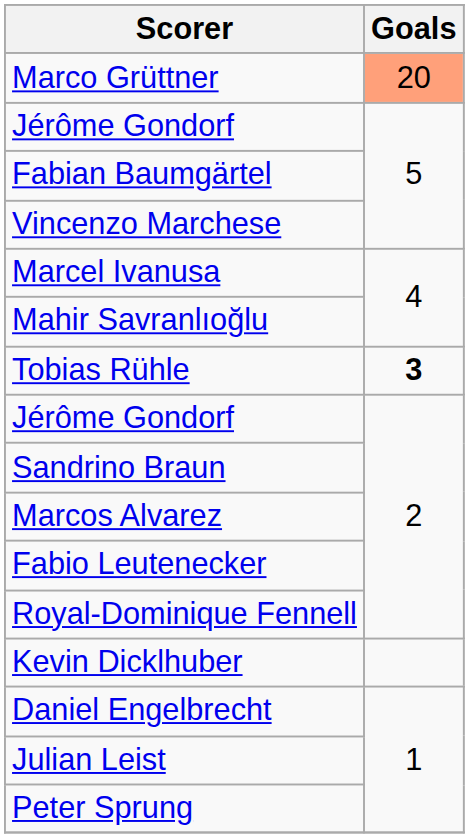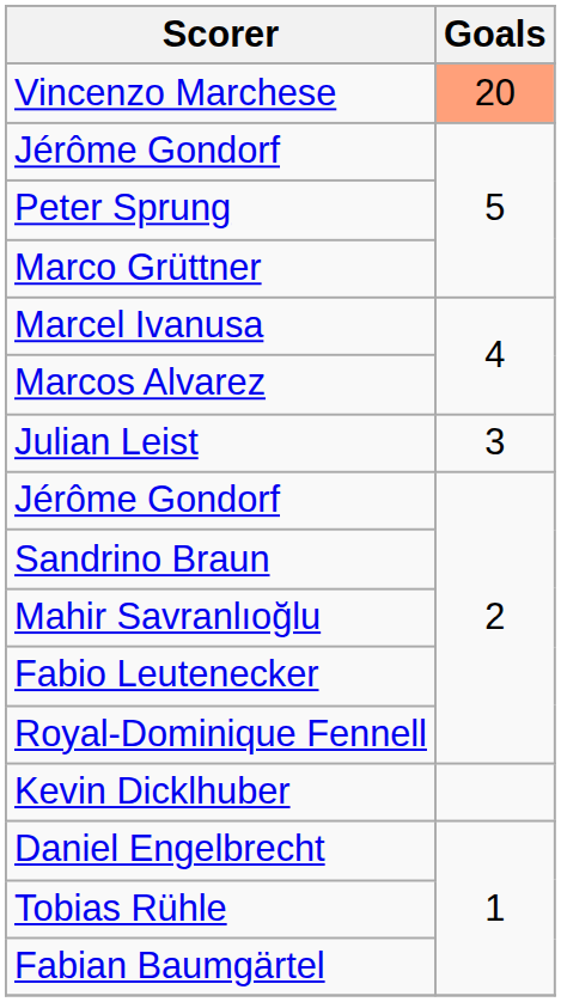 <table class="wikitable">
 <tr>
 <th>Scorer</th>
 <th>Goals</th>
 </tr>
 <tr>
-<td> <a href='#'>Marco Grüttner</a></td>
+<td> <a href='#'>Vincenzo Marchese</a></td>
 <td align=center style="background: lightsalmon;">20</td>
 </tr>
 <tr>
 <td> <a href='#'>Jérôme Gondorf</a></td>
 <td rowspan="3" align=center>5</td>
 </tr>
 <tr>
-<td> <a href='#'>Fabian Baumgärtel</a></td>
+<td> <a href='#'>Peter Sprung</a></td>
 </tr>
 <tr>
-<td> <a href='#'>Vincenzo Marchese</a></td>
+<td> <a href='#'>Marco Grüttner</a></td>
 </tr>
 <tr>
 <td> <a href='#'>Marcel Ivanusa</a></td>
 <td rowspan="2" align=center>4</td>
 </tr>
 <tr>
-<td> <a href='#'>Mahir Savranlıoğlu</a></td>
+<td> <a href='#'>Marcos Alvarez</a></td>
 </tr>
 <tr>
-<td> <a href='#'>Tobias Rühle</a></td>
-<td align=center><strong>3</strong></td>
+<td> <a href='#'>Julian Leist</a></td>
+<td align=center>3</td>
 </tr>
 <tr>
 <td> <a href='#'>Jérôme Gondorf</a></td>
 <td rowspan="5" align=center>2</td>
 </tr>
 <tr>
 <td> <a href='#'>Sandrino Braun</a></td>
 </tr>
 <tr>
-<td> <a href='#'>Marcos Alvarez</a></td>
+<td> <a href='#'>Mahir Savranlıoğlu</a></td>
 </tr>
 <tr>
 <td> <a href='#'>Fabio Leutenecker</a></td>
 </tr>
 <tr>
 <td> <a href='#'>Royal-Dominique Fennell</a></td>
 </tr>
 <tr>
 <td> <a href='#'>Kevin Dicklhuber</a></td>
 </tr>
 <tr>
 <td> <a href='#'>Daniel Engelbrecht</a></td>
 <td rowspan="3" align=center>1</td>
 </tr>
 <tr>
-<td> <a href='#'>Julian Leist</a></td>
+<td> <a href='#'>Tobias Rühle</a></td>
 </tr>
 <tr>
-<td> <a href='#'>Peter Sprung</a></td>
+<td> <a href='#'>Fabian Baumgärtel</a></td>
 </tr>
 <tr>
 </tr>
 </table>
